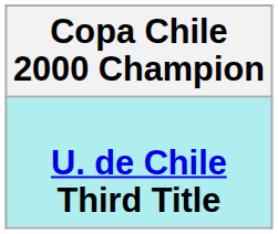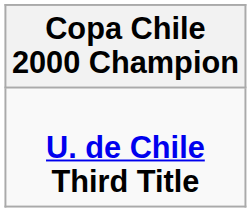 <table class="wikitable" style="text-align: center; margin: 0 auto;">
 <tr>
 <th>Copa Chile<br>2000 Champion</th>
 </tr>
 <tr>
-<td style="background: paleturquoise;"><br><strong><a href='#'>U. de Chile</a></strong><br><strong>Third Title</strong></td>
+<td><br><strong><a href='#'>U. de Chile</a></strong><br><strong>Third Title</strong></td>
 </tr>
 </table>
